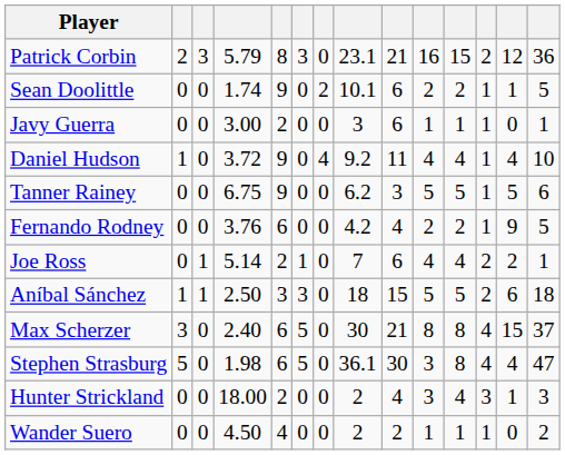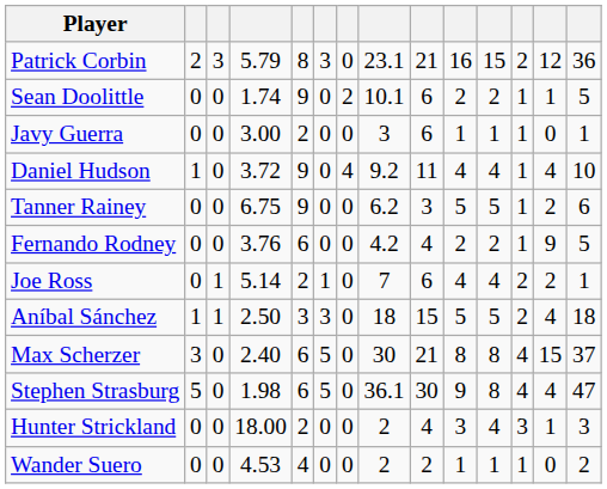 <table class="wikitable sortable" style="text-align:center;">
 <tr>
 <th>Player</th>
 <th></th>
 <th></th>
 <th></th>
 <th></th>
 <th></th>
 <th></th>
 <th></th>
 <th></th>
 <th></th>
 <th></th>
 <th></th>
 <th></th>
 <th></th>
 </tr>
 <tr>
 <td align=left><a href='#'>Patrick Corbin</a></td>
 <td>2</td>
 <td>3</td>
 <td>5.79</td>
 <td>8</td>
 <td>3</td>
 <td>0</td>
 <td>23.1</td>
 <td>21</td>
 <td>16</td>
 <td>15</td>
 <td>2</td>
 <td>12</td>
 <td>36</td>
 </tr>
 <tr>
 <td align=left><a href='#'>Sean Doolittle</a></td>
 <td>0</td>
 <td>0</td>
 <td>1.74</td>
 <td>9</td>
 <td>0</td>
 <td>2</td>
 <td>10.1</td>
 <td>6</td>
 <td>2</td>
 <td>2</td>
 <td>1</td>
 <td>1</td>
 <td>5</td>
 </tr>
 <tr>
 <td align=left><a href='#'>Javy Guerra</a></td>
 <td>0</td>
 <td>0</td>
 <td>3.00</td>
 <td>2</td>
 <td>0</td>
 <td>0</td>
 <td>3</td>
 <td>6</td>
 <td>1</td>
 <td>1</td>
 <td>1</td>
 <td>0</td>
 <td>1</td>
 </tr>
 <tr>
 <td align=left><a href='#'>Daniel Hudson</a></td>
 <td>1</td>
 <td>0</td>
 <td>3.72</td>
 <td>9</td>
 <td>0</td>
 <td>4</td>
 <td>9.2</td>
 <td>11</td>
 <td>4</td>
 <td>4</td>
 <td>1</td>
 <td>4</td>
 <td>10</td>
 </tr>
 <tr>
 <td align=left><a href='#'>Tanner Rainey</a></td>
 <td>0</td>
 <td>0</td>
 <td>6.75</td>
 <td>9</td>
 <td>0</td>
 <td>0</td>
 <td>6.2</td>
 <td>3</td>
 <td>5</td>
 <td>5</td>
 <td>1</td>
-<td>5</td>
+<td>2</td>
 <td>6</td>
 </tr>
 <tr>
 <td align=left><a href='#'>Fernando Rodney</a></td>
 <td>0</td>
 <td>0</td>
 <td>3.76</td>
 <td>6</td>
 <td>0</td>
 <td>0</td>
 <td>4.2</td>
 <td>4</td>
 <td>2</td>
 <td>2</td>
 <td>1</td>
 <td>9</td>
 <td>5</td>
 </tr>
 <tr>
 <td align=left><a href='#'>Joe Ross</a></td>
 <td>0</td>
 <td>1</td>
 <td>5.14</td>
 <td>2</td>
 <td>1</td>
 <td>0</td>
 <td>7</td>
 <td>6</td>
 <td>4</td>
 <td>4</td>
 <td>2</td>
 <td>2</td>
 <td>1</td>
 </tr>
 <tr>
 <td align=left><a href='#'>Aníbal Sánchez</a></td>
 <td>1</td>
 <td>1</td>
 <td>2.50</td>
 <td>3</td>
 <td>3</td>
 <td>0</td>
 <td>18</td>
 <td>15</td>
 <td>5</td>
 <td>5</td>
 <td>2</td>
-<td>6</td>
+<td>4</td>
 <td>18</td>
 </tr>
 <tr>
 <td align=left><a href='#'>Max Scherzer</a></td>
 <td>3</td>
 <td>0</td>
 <td>2.40</td>
 <td>6</td>
 <td>5</td>
 <td>0</td>
 <td>30</td>
 <td>21</td>
 <td>8</td>
 <td>8</td>
 <td>4</td>
 <td>15</td>
 <td>37</td>
 </tr>
 <tr>
 <td align=left><a href='#'>Stephen Strasburg</a></td>
 <td>5</td>
 <td>0</td>
 <td>1.98</td>
 <td>6</td>
 <td>5</td>
 <td>0</td>
 <td>36.1</td>
 <td>30</td>
-<td>3</td>
+<td>9</td>
 <td>8</td>
 <td>4</td>
 <td>4</td>
 <td>47</td>
 </tr>
 <tr>
 <td align=left><a href='#'>Hunter Strickland</a></td>
 <td>0</td>
 <td>0</td>
 <td>18.00</td>
 <td>2</td>
 <td>0</td>
 <td>0</td>
 <td>2</td>
 <td>4</td>
 <td>3</td>
 <td>4</td>
 <td>3</td>
 <td>1</td>
 <td>3</td>
 </tr>
 <tr>
 <td align=left><a href='#'>Wander Suero</a></td>
 <td>0</td>
 <td>0</td>
-<td>4.50</td>
+<td>4.53</td>
 <td>4</td>
 <td>0</td>
 <td>0</td>
 <td>2</td>
 <td>2</td>
 <td>1</td>
 <td>1</td>
 <td>1</td>
 <td>0</td>
 <td>2</td>
 </tr>
 </table>
